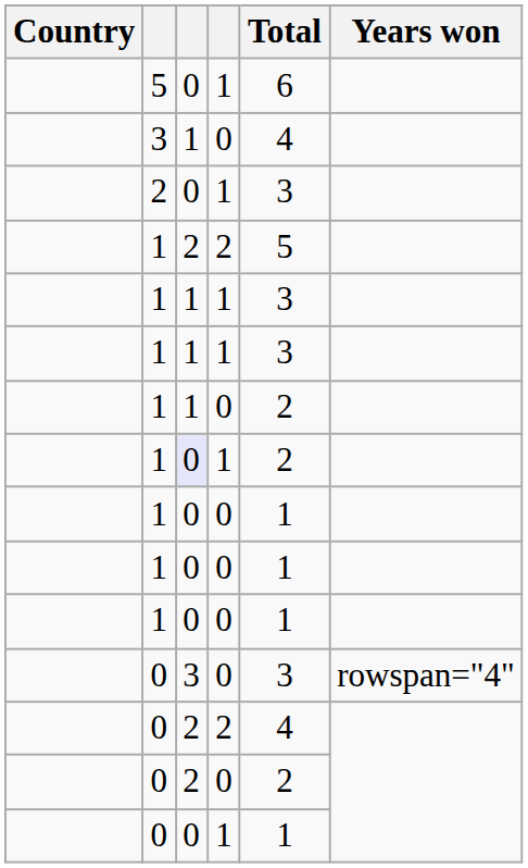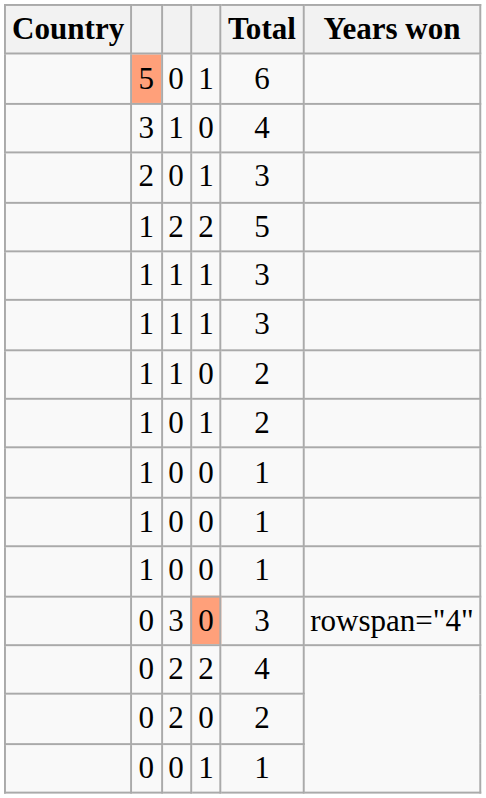 <table class="wikitable sortable" style="margin-top:0;">
 <tr>
 <th>Country</th>
 <th></th>
 <th></th>
 <th></th>
 <th>Total</th>
 <th>Years won</th>
 </tr>
 <tr>
 <td></td>
-<td align="center">5</td>
+<td align="center" style="background: lightsalmon;">5</td>
 <td align="center">0</td>
 <td align="center">1</td>
 <td align="center">6</td>
 <td></td>
 </tr>
 <tr>
 <td></td>
 <td align="center">3</td>
 <td align="center">1</td>
 <td align="center">0</td>
 <td align="center">4</td>
 <td></td>
 </tr>
 <tr>
 <td></td>
 <td align="center">2</td>
 <td align="center">0</td>
 <td align="center">1</td>
 <td align="center">3</td>
 <td></td>
 </tr>
 <tr>
 <td></td>
 <td align="center">1</td>
 <td align="center">2</td>
 <td align="center">2</td>
 <td align="center">5</td>
 <td></td>
 </tr>
 <tr>
 <td></td>
 <td align="center">1</td>
 <td align="center">1</td>
 <td align="center">1</td>
 <td align="center">3</td>
 <td></td>
 </tr>
 <tr>
 <td></td>
 <td align="center">1</td>
 <td align="center">1</td>
 <td align="center">1</td>
 <td align="center">3</td>
 <td></td>
 </tr>
 <tr>
 <td></td>
 <td align="center">1</td>
 <td align="center">1</td>
 <td align="center">0</td>
 <td align="center">2</td>
 <td></td>
 </tr>
 <tr>
 <td></td>
 <td align="center">1</td>
-<td align="center" style="background: lavender;">0</td>
+<td align="center">0</td>
 <td align="center">1</td>
 <td align="center">2</td>
 <td></td>
 </tr>
 <tr>
 <td></td>
 <td align="center">1</td>
 <td align="center">0</td>
 <td align="center">0</td>
 <td align="center">1</td>
 <td></td>
 </tr>
 <tr>
 <td></td>
 <td align="center">1</td>
 <td align="center">0</td>
 <td align="center">0</td>
 <td align="center">1</td>
 <td></td>
 </tr>
 <tr>
 <td></td>
 <td align="center">1</td>
 <td align="center">0</td>
 <td align="center">0</td>
 <td align="center">1</td>
 <td></td>
 </tr>
 <tr>
 <td></td>
 <td align="center">0</td>
 <td align="center">3</td>
-<td align="center">0</td>
+<td align="center" style="background: lightsalmon;">0</td>
 <td align="center">3</td>
 <td>rowspan="4" </td>
 </tr>
 <tr>
 <td></td>
 <td align="center">0</td>
 <td align="center">2</td>
 <td align="center">2</td>
 <td align="center">4</td>
 </tr>
 <tr>
 <td></td>
 <td align="center">0</td>
 <td align="center">2</td>
 <td align="center">0</td>
 <td align="center">2</td>
 </tr>
 <tr>
 <td></td>
 <td align="center">0</td>
 <td align="center">0</td>
 <td align="center">1</td>
 <td align="center">1</td>
 </tr>
 </table>
